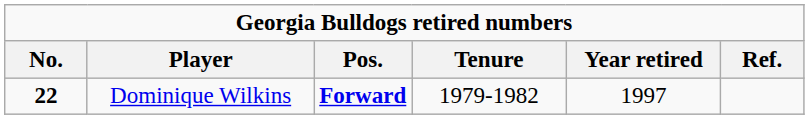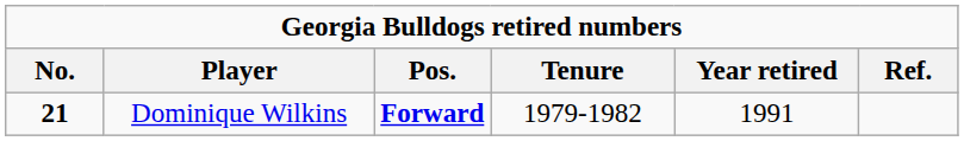 <table class="wikitable" style="text-align:center">
 <tr>
 <td colspan="6"><strong>Georgia Bulldogs retired numbers</strong></td>
 </tr>
 <tr>
 <th width="50px">No.</th>
 <th width="150px">Player</th>
 <th width="50px">Pos.</th>
 <th width="100px">Tenure</th>
 <th width="100px">Year retired</th>
 <th width="50px">Ref.</th>
 </tr>
 <tr>
-<td><strong>22</strong></td>
+<td><strong>21</strong></td>
 <td><a href='#'>Dominique Wilkins</a></td>
 <td><strong><a href='#'>Forward</a></strong></td>
 <td>1979-1982</td>
-<td>1997</td>
+<td>1991</td>
 <td></td>
 </tr>
 </table>
